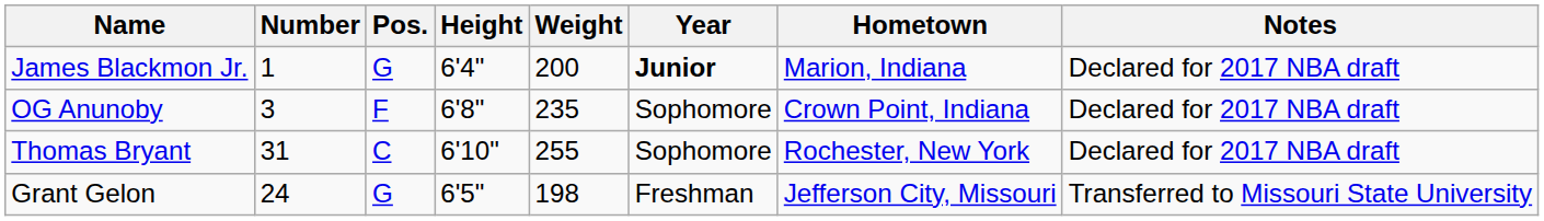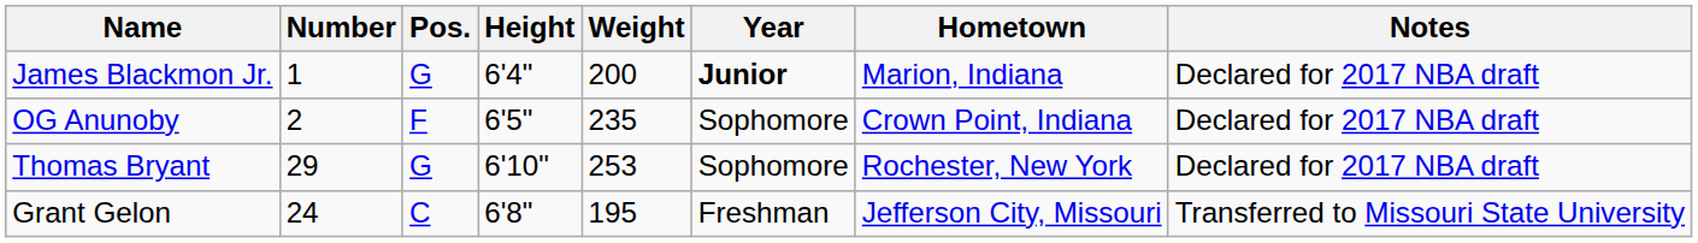 <table class="wikitable sortable" border="1">
 <tr align=center>
 <th>Name</th>
 <th>Number</th>
 <th>Pos.</th>
 <th>Height</th>
 <th>Weight</th>
 <th>Year</th>
 <th>Hometown</th>
 <th>Notes</th>
 </tr>
 <tr>
 <td sortname><a href='#'>James Blackmon Jr.</a></td>
 <td>1</td>
 <td><a href='#'>G</a></td>
 <td>6'4"</td>
 <td>200</td>
 <td><strong>Junior</strong></td>
 <td><a href='#'>Marion, Indiana</a></td>
 <td>Declared for <a href='#'>2017 NBA draft</a></td>
 </tr>
 <tr>
 <td sortname><a href='#'>OG Anunoby</a></td>
-<td>3</td>
+<td>2</td>
 <td><a href='#'>F</a></td>
-<td>6'8"</td>
+<td>6'5"</td>
 <td>235</td>
 <td>Sophomore</td>
 <td><a href='#'>Crown Point, Indiana</a></td>
 <td>Declared for <a href='#'>2017 NBA draft</a></td>
 </tr>
 <tr>
 <td sortname><a href='#'>Thomas Bryant</a></td>
-<td>31</td>
-<td><a href='#'>C</a></td>
+<td>29</td>
+<td><a href='#'>G</a></td>
 <td>6'10"</td>
-<td>255</td>
+<td>253</td>
 <td>Sophomore</td>
 <td><a href='#'>Rochester, New York</a></td>
 <td>Declared for <a href='#'>2017 NBA draft</a></td>
 </tr>
 <tr>
 <td sortname>Grant Gelon</td>
 <td>24</td>
-<td><a href='#'>G</a></td>
-<td>6'5"</td>
-<td>198</td>
+<td><a href='#'>C</a></td>
+<td>6'8"</td>
+<td>195</td>
 <td>Freshman</td>
 <td><a href='#'>Jefferson City, Missouri</a></td>
 <td>Transferred to <a href='#'>Missouri State University</a></td>
 </tr>
 </table>
